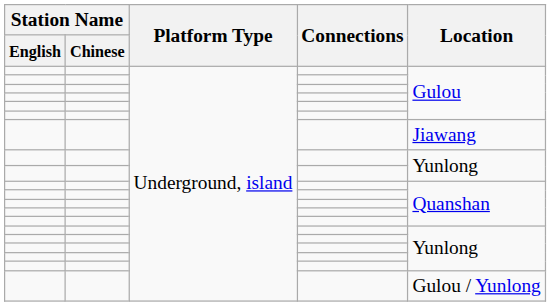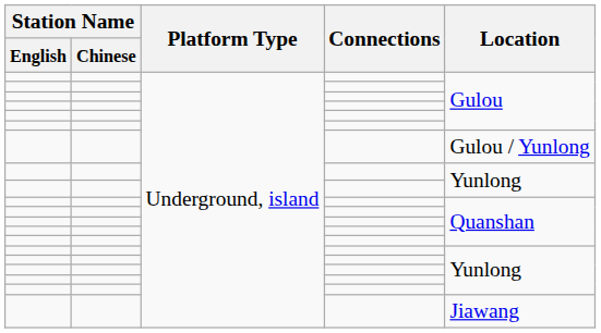 <table class="wikitable">
 <tr>
 <th colspan="2">Station Name</th>
 <th rowspan="2">Platform Type</th>
 <th rowspan="2">Connections</th>
 <th rowspan="2">Location</th>
 </tr>
 <tr>
 <th><small>English</small></th>
 <th><small>Chinese</small></th>
 </tr>
 <tr>
 <td></td>
 <td></td>
 <td rowspan="20">Underground, <a href='#'>island</a></td>
 <td></td>
 <td rowspan="6"><a href='#'>Gulou</a></td>
 </tr>
 <tr>
 <td></td>
 <td></td>
 <td></td>
 </tr>
 <tr>
 <td></td>
 <td></td>
 <td></td>
 </tr>
 <tr>
 <td></td>
 <td></td>
 <td></td>
 </tr>
 <tr>
 <td></td>
 <td></td>
 <td></td>
 </tr>
 <tr>
 <td></td>
 <td></td>
 <td></td>
 </tr>
 <tr>
 <td></td>
 <td></td>
 <td></td>
-<td><a href='#'>Jiawang</a></td>
+<td>Gulou / <a href='#'>Yunlong</a></td>
 </tr>
 <tr>
 <td></td>
 <td></td>
 <td></td>
 <td rowspan="2">Yunlong</td>
 </tr>
 <tr>
 <td></td>
 <td></td>
 <td></td>
 </tr>
 <tr>
 <td></td>
 <td></td>
 <td></td>
 <td rowspan="5"><a href='#'>Quanshan</a></td>
 </tr>
 <tr>
 <td></td>
 <td></td>
 <td></td>
 </tr>
 <tr>
 <td></td>
 <td></td>
 <td></td>
 </tr>
 <tr>
 <td></td>
 <td></td>
 <td></td>
 </tr>
 <tr>
 <td></td>
 <td></td>
 <td></td>
 </tr>
 <tr>
 <td></td>
 <td></td>
 <td></td>
 <td rowspan="5">Yunlong</td>
 </tr>
 <tr>
 <td></td>
 <td></td>
 <td></td>
 </tr>
 <tr>
 <td></td>
 <td></td>
 <td></td>
 </tr>
 <tr>
 <td></td>
 <td></td>
 <td></td>
 </tr>
 <tr>
 <td></td>
 <td></td>
 <td></td>
 </tr>
 <tr>
 <td></td>
 <td></td>
 <td></td>
-<td>Gulou / <a href='#'>Yunlong</a></td>
+<td><a href='#'>Jiawang</a></td>
 </tr>
 </table>
